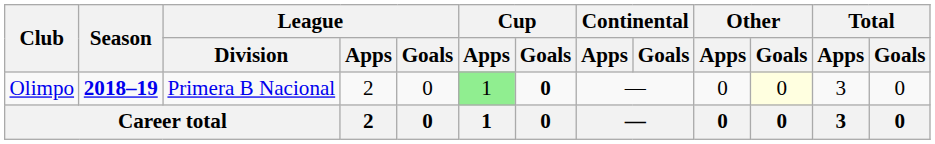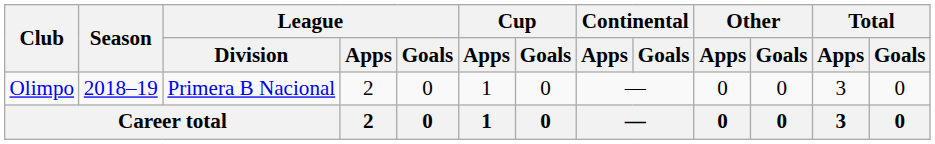 <table class="wikitable" style="text-align:center">
 <tr>
 <th rowspan="2">Club</th>
 <th rowspan="2">Season</th>
 <th colspan="3">League</th>
 <th colspan="2">Cup</th>
 <th colspan="2">Continental</th>
 <th colspan="2">Other</th>
 <th colspan="2">Total</th>
 </tr>
 <tr>
 <th>Division</th>
 <th>Apps</th>
 <th>Goals</th>
 <th>Apps</th>
 <th>Goals</th>
 <th>Apps</th>
 <th>Goals</th>
 <th>Apps</th>
 <th>Goals</th>
 <th>Apps</th>
 <th>Goals</th>
 </tr>
 <tr>
 <td rowspan="1"><a href='#'>Olimpo</a></td>
-<td><strong><a href='#'>2018–19</a></strong></td>
+<td><a href='#'>2018–19</a></td>
 <td rowspan="1"><a href='#'>Primera B Nacional</a></td>
 <td>2</td>
 <td>0</td>
-<td style="background: lightgreen;">1</td>
-<td><strong>0</strong></td>
+<td>1</td>
+<td>0</td>
 <td colspan="2">—</td>
 <td>0</td>
-<td style="background: lightyellow;">0</td>
+<td>0</td>
 <td>3</td>
 <td>0</td>
 </tr>
 <tr>
 <th colspan="3">Career total</th>
 <th>2</th>
 <th>0</th>
 <th>1</th>
 <th>0</th>
 <th colspan="2">—</th>
 <th>0</th>
 <th>0</th>
 <th>3</th>
 <th>0</th>
 </tr>
 </table>
